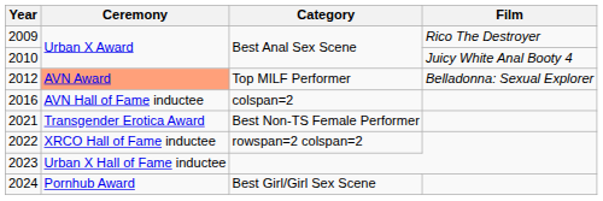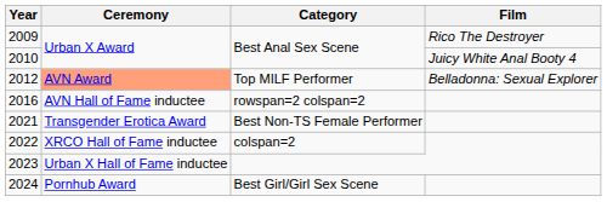 <table class="wikitable">
 <tr>
 <th>Year</th>
 <th>Ceremony</th>
 <th>Category</th>
 <th>Film</th>
 </tr>
 <tr>
 <td>2009</td>
 <td rowspan=2><a href='#'>Urban X Award</a></td>
 <td rowspan=2>Best Anal Sex Scene</td>
 <td><em>Rico The Destroyer</em></td>
 </tr>
 <tr>
 <td>2010</td>
 <td><em>Juicy White Anal Booty 4</em></td>
 </tr>
 <tr>
 <td>2012</td>
 <td style="background: lightsalmon;"><a href='#'>AVN Award</a></td>
 <td>Top MILF Performer</td>
 <td><em>Belladonna: Sexual Explorer</em></td>
 </tr>
 <tr>
 <td>2016</td>
 <td><a href='#'>AVN Hall of Fame</a> inductee</td>
-<td>colspan=2 </td>
+<td>rowspan=2 colspan=2 </td>
 </tr>
 <tr>
 <td>2021</td>
 <td><a href='#'>Transgender Erotica Award</a></td>
 <td>Best Non-TS Female Performer</td>
 <td></td>
 </tr>
 <tr>
 <td>2022</td>
 <td><a href='#'>XRCO Hall of Fame</a> inductee</td>
-<td>rowspan=2 colspan=2 </td>
+<td>colspan=2 </td>
 </tr>
 <tr>
 <td>2023</td>
 <td><a href='#'>Urban X Hall of Fame</a> inductee</td>
 </tr>
 <tr>
 <td>2024</td>
 <td><a href='#'>Pornhub Award</a></td>
 <td>Best Girl/Girl Sex Scene</td>
 <td></td>
 </tr>
 </table>
